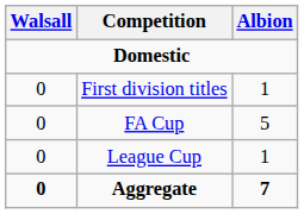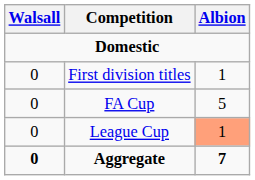 <table class="wikitable" style="text-align: center; font-size: 12px">
 <tr>
 <th><a href='#'>Walsall</a></th>
 <th>Competition</th>
 <th><a href='#'>Albion</a></th>
 </tr>
 <tr style="text-align:center;">
 <td colspan="4"><strong>Domestic</strong></td>
 </tr>
 <tr style="text-align:center;">
 <td>0</td>
 <td><a href='#'>First division titles</a></td>
 <td>1</td>
 </tr>
 <tr style="text-align:center;">
 <td>0</td>
 <td><a href='#'>FA Cup</a></td>
 <td>5</td>
 </tr>
 <tr style="text-align:center;">
 <td>0</td>
 <td><a href='#'>League Cup</a></td>
-<td>1</td>
+<td style="background: lightsalmon;">1</td>
 </tr>
 <tr align="center">
 <td><strong>0</strong></td>
 <td><strong>Aggregate</strong></td>
 <td><strong>7</strong></td>
 </tr>
 </table>
